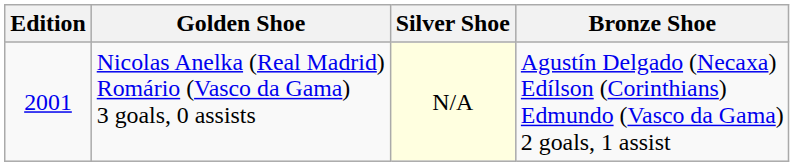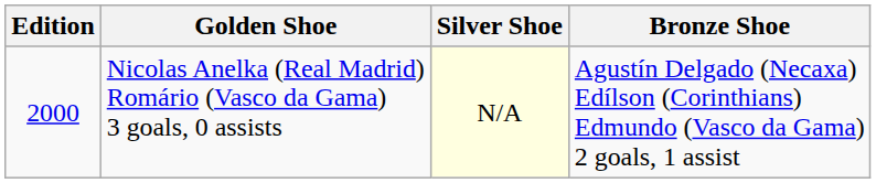 <table class="wikitable" style="text-align:center">
 <tr>
 <th>Edition</th>
 <th>Golden Shoe</th>
 <th>Silver Shoe</th>
 <th>Bronze Shoe</th>
 </tr>
 <tr>
-<td><a href='#'>2001</a></td>
+<td><a href='#'>2000</a></td>
 <td style="text-align:left; vertical-align:top;"> <a href='#'>Nicolas Anelka</a> (<a href='#'>Real Madrid</a>)<br> <a href='#'>Romário</a> (<a href='#'>Vasco da Gama</a>)<br>3 goals, 0 assists</td>
 <td style="background: lightyellow;">N/A</td>
 <td style="text-align:left; vertical-align:top;"> <a href='#'>Agustín Delgado</a> (<a href='#'>Necaxa</a>)<br> <a href='#'>Edílson</a> (<a href='#'>Corinthians</a>)<br> <a href='#'>Edmundo</a> (<a href='#'>Vasco da Gama</a>)<br>2 goals, 1 assist</td>
 </tr>
 </table>
